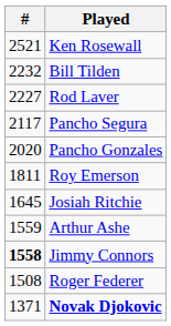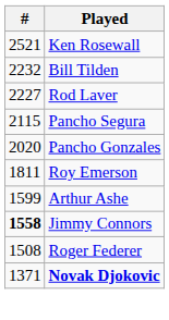 <table class=wikitable style="display:inline-table;">
 <tr>
 <th>#</th>
 <th>Played</th>
 </tr>
 <tr>
 <td>2521</td>
 <td> <a href='#'>Ken Rosewall</a></td>
 </tr>
 <tr>
 <td>2232</td>
 <td> <a href='#'>Bill Tilden</a></td>
 </tr>
 <tr>
 <td>2227</td>
 <td> <a href='#'>Rod Laver</a></td>
 </tr>
 <tr>
-<td>2117</td>
+<td>2115</td>
 <td> <a href='#'>Pancho Segura</a></td>
 </tr>
 <tr>
 <td>2020</td>
 <td> <a href='#'>Pancho Gonzales</a></td>
 </tr>
 <tr>
 <td>1811</td>
 <td> <a href='#'>Roy Emerson</a></td>
 </tr>
 <tr>
-<td>1645</td>
-<td> <a href='#'>Josiah Ritchie</a></td>
-</tr>
-<tr>
-<td>1559</td>
+<td>1599</td>
 <td> <a href='#'>Arthur Ashe</a></td>
 </tr>
 <tr>
 <td><strong>1558</strong></td>
 <td> <a href='#'>Jimmy Connors</a></td>
 </tr>
 <tr>
 <td>1508</td>
 <td> <a href='#'>Roger Federer</a></td>
 </tr>
 <tr>
 <td>1371</td>
 <td> <strong><a href='#'>Novak Djokovic</a></strong></td>
 </tr>
 </table>
